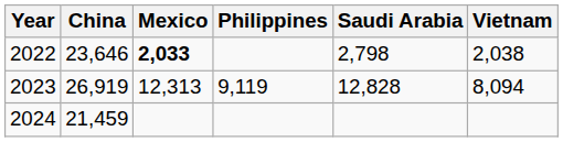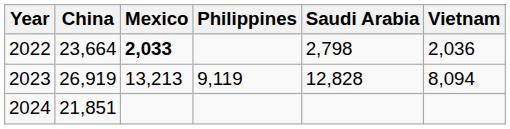 <table class="wikitable" style="text align:left">
 <tr>
 <th>Year</th>
 <th>China</th>
 <th>Mexico</th>
 <th>Philippines</th>
 <th>Saudi Arabia</th>
 <th>Vietnam</th>
 </tr>
 <tr>
 <td>2022</td>
-<td>23,646</td>
+<td>23,664</td>
 <td><strong>2,033</strong></td>
 <td></td>
 <td>2,798</td>
-<td>2,038</td>
+<td>2,036</td>
 </tr>
 <tr>
 <td>2023</td>
 <td>26,919</td>
-<td>12,313</td>
+<td>13,213</td>
 <td>9,119</td>
 <td>12,828</td>
 <td>8,094</td>
 </tr>
 <tr>
 <td>2024</td>
-<td>21,459</td>
+<td>21,851</td>
 <td></td>
 <td></td>
 <td></td>
 <td></td>
 </tr>
 </table>
